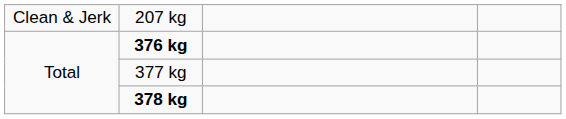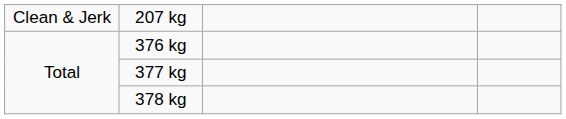 <table class = "wikitable" style="text-align:center;">
 <tr>
 <td width=100>Clean & Jerk</td>
 <td width=70>207 kg</td>
 <td width=250 align=left></td>
 <td width=70></td>
 </tr>
 <tr>
 <td rowspan=3>Total</td>
-<td><strong>376 kg</strong></td>
+<td>376 kg</td>
 <td align=left></td>
 <td></td>
 </tr>
 <tr>
 <td>377 kg</td>
 <td align=left></td>
 <td></td>
 </tr>
 <tr>
-<td><strong>378 kg</strong></td>
+<td>378 kg</td>
 <td align=left></td>
 <td></td>
 </tr>
 </table>
